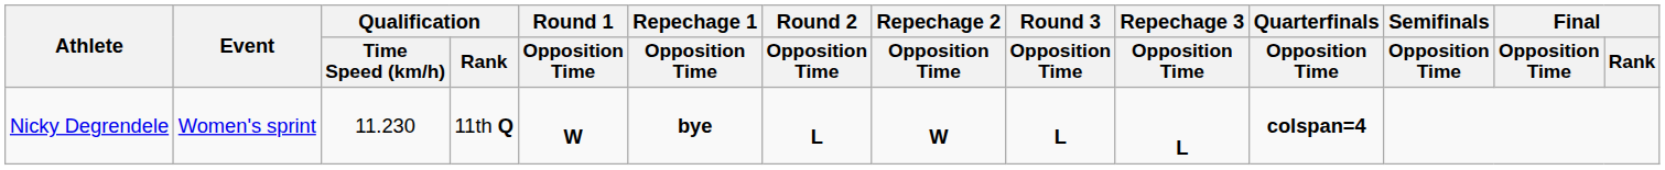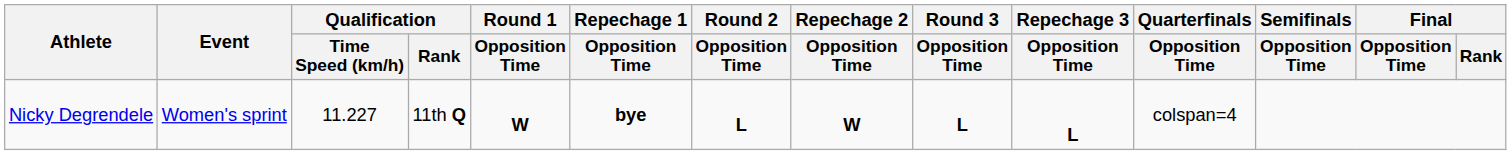 <table class="wikitable" style="font-size:90%">
 <tr>
 <th rowspan=2>Athlete</th>
 <th rowspan=2>Event</th>
 <th colspan=2>Qualification</th>
 <th>Round 1</th>
 <th>Repechage 1</th>
 <th>Round 2</th>
 <th>Repechage 2</th>
 <th>Round 3</th>
 <th>Repechage 3</th>
 <th>Quarterfinals</th>
 <th>Semifinals</th>
 <th colspan=2>Final</th>
 </tr>
 <tr style="font-size:95%">
 <th>Time<br>Speed (km/h)</th>
 <th>Rank</th>
 <th>Opposition<br>Time</th>
 <th>Opposition<br>Time</th>
 <th>Opposition<br>Time</th>
 <th>Opposition<br>Time</th>
 <th>Opposition<br>Time</th>
 <th>Opposition<br>Time</th>
 <th>Opposition<br>Time</th>
 <th>Opposition<br>Time</th>
 <th>Opposition<br>Time</th>
 <th>Rank</th>
 </tr>
 <tr align=center>
 <td rowspan=2 align=left><a href='#'>Nicky Degrendele</a></td>
 <td align=left><a href='#'>Women's sprint</a></td>
-<td>11.230</td>
+<td>11.227</td>
 <td>11th <strong>Q</strong></td>
 <td><br><strong>W</strong></td>
 <td><strong>bye</strong></td>
 <td><br><strong>L</strong></td>
 <td><br><strong>W</strong></td>
 <td><br><strong>L</strong></td>
 <td><br><br><strong>L</strong></td>
-<td><strong>colspan=4 </strong></td>
+<td>colspan=4 </td>
 </tr>
 </table>
